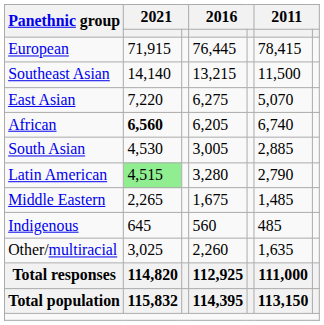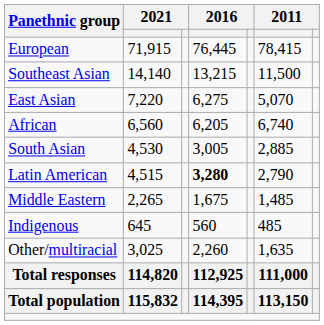 <table class="wikitable collapsible sortable">
 <tr>
 <th rowspan="2"><a href='#'>Panethnic</a> group</th>
 <th colspan="2">2021</th>
 <th colspan="2">2016</th>
 <th colspan="2">2011</th>
 </tr>
 <tr>
 <th><a href='#'></a></th>
 <th></th>
 <th></th>
 <th></th>
 <th></th>
 <th></th>
 </tr>
 <tr>
 <td><a href='#'>European</a></td>
 <td>71,915</td>
 <td></td>
 <td>76,445</td>
 <td></td>
 <td>78,415</td>
 <td></td>
 </tr>
 <tr>
 <td><a href='#'>Southeast Asian</a></td>
 <td>14,140</td>
 <td></td>
 <td>13,215</td>
 <td></td>
 <td>11,500</td>
 <td></td>
 </tr>
 <tr>
 <td><a href='#'>East Asian</a></td>
 <td>7,220</td>
 <td></td>
 <td>6,275</td>
 <td></td>
 <td>5,070</td>
 <td></td>
 </tr>
 <tr>
 <td><a href='#'>African</a></td>
-<td><strong>6,560</strong></td>
+<td>6,560</td>
 <td></td>
 <td>6,205</td>
 <td></td>
 <td>6,740</td>
 <td></td>
 </tr>
 <tr>
 <td><a href='#'>South Asian</a></td>
 <td>4,530</td>
 <td></td>
 <td>3,005</td>
 <td></td>
 <td>2,885</td>
 <td></td>
 </tr>
 <tr>
 <td><a href='#'>Latin American</a></td>
-<td style="background: lightgreen;">4,515</td>
+<td>4,515</td>
 <td></td>
-<td>3,280</td>
+<td><strong>3,280</strong></td>
 <td></td>
 <td>2,790</td>
 <td></td>
 </tr>
 <tr>
 <td><a href='#'>Middle Eastern</a></td>
 <td>2,265</td>
 <td></td>
 <td>1,675</td>
 <td></td>
 <td>1,485</td>
 <td></td>
 </tr>
 <tr>
 <td><a href='#'>Indigenous</a></td>
 <td>645</td>
 <td></td>
 <td>560</td>
 <td></td>
 <td>485</td>
 <td></td>
 </tr>
 <tr>
 <td>Other/<a href='#'>multiracial</a></td>
 <td>3,025</td>
 <td></td>
 <td>2,260</td>
 <td></td>
 <td>1,635</td>
 <td></td>
 </tr>
 <tr>
 <th>Total responses</th>
 <th>114,820</th>
 <th></th>
 <th>112,925</th>
 <th></th>
 <th>111,000</th>
 <th></th>
 </tr>
 <tr class="sortbottom">
 <th>Total population</th>
 <th>115,832</th>
 <th></th>
 <th>114,395</th>
 <th></th>
 <th>113,150</th>
 <th></th>
 </tr>
 <tr class="sortbottom">
 <td colspan="15"></td>
 </tr>
 </table>
